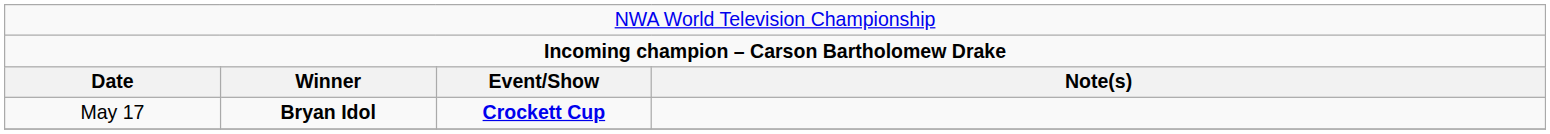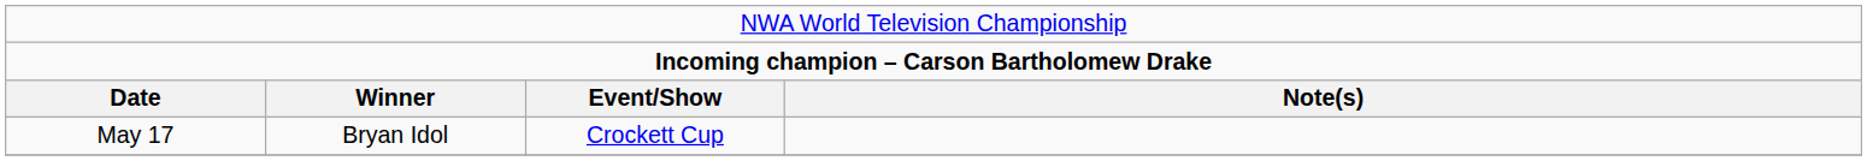 <table class="wikitable" style="text-align:center; width:100%;">
 <tr>
 <td colspan="4" style="text-align: center;"><a href='#'>NWA World Television Championship</a></td>
 </tr>
 <tr>
 <td colspan="4" style="text-align: center;"><strong>Incoming champion – Carson Bartholomew Drake</strong></td>
 </tr>
 <tr>
 <th width=14%>Date</th>
 <th width=14%>Winner</th>
 <th width=14%>Event/Show</th>
 <th width=58%>Note(s)</th>
 </tr>
 <tr>
 <td>May 17<br></td>
-<td><strong>Bryan Idol</strong></td>
-<td><strong><a href='#'>Crockett Cup</a></strong></td>
+<td>Bryan Idol</td>
+<td><a href='#'>Crockett Cup</a></td>
 <td></td>
 </tr>
 <tr>
 </tr>
 </table>
